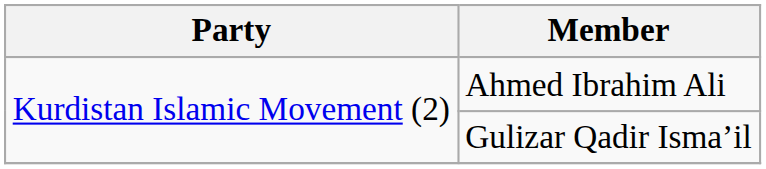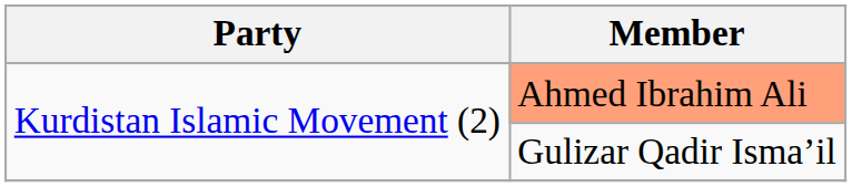 <table class=wikitable>
 <tr>
 <th>Party</th>
 <th>Member</th>
 </tr>
 <tr>
 <td rowspan=2> <a href='#'>Kurdistan Islamic Movement</a> (2)</td>
-<td>Ahmed Ibrahim Ali</td>
+<td style="background: lightsalmon;">Ahmed Ibrahim Ali</td>
 </tr>
 <tr>
 <td>Gulizar Qadir Isma’il</td>
 </tr>
 <tr>
 </tr>
 </table>
